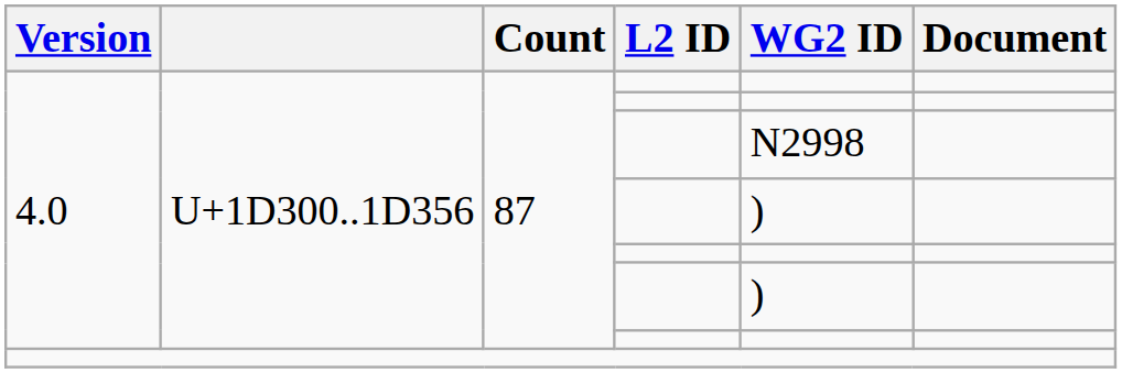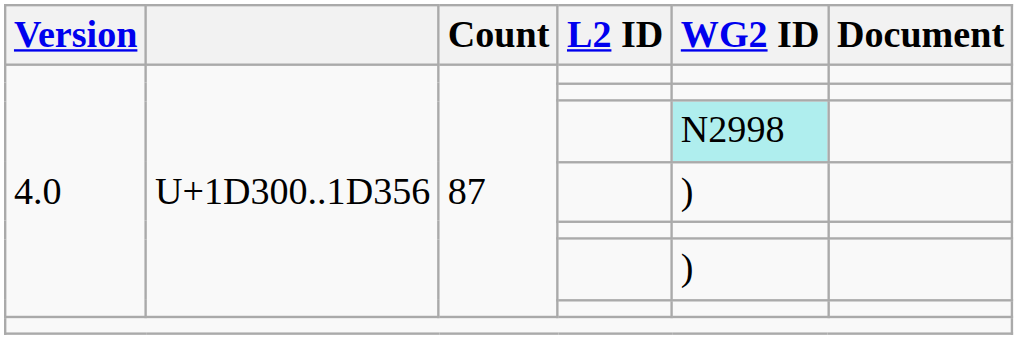 <table class="wikitable sticky-header">
 <tr>
 <th><a href='#'>Version</a></th>
 <th></th>
 <th>Count</th>
 <th><a href='#'>L2</a> ID</th>
 <th><a href='#'>WG2</a> ID</th>
 <th>Document</th>
 </tr>
 <tr>
 <td rowspan="7">4.0</td>
 <td rowspan="7">U+1D300..1D356</td>
 <td rowspan="7">87</td>
 <td></td>
 <td></td>
 <td></td>
 </tr>
 <tr>
 <td></td>
 <td></td>
 <td></td>
 </tr>
 <tr>
 <td></td>
-<td>N2998</td>
+<td style="background: paleturquoise;">N2998</td>
 <td></td>
 </tr>
 <tr>
 <td></td>
 <td> )</td>
 <td></td>
 </tr>
 <tr>
 <td></td>
 <td></td>
 <td></td>
 </tr>
 <tr>
 <td></td>
 <td> )</td>
 <td></td>
 </tr>
 <tr>
 <td></td>
 <td></td>
 <td></td>
 </tr>
 <tr class="sortbottom">
 <td colspan="6"></td>
 </tr>
 </table>
